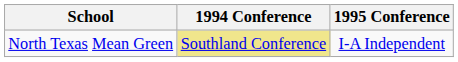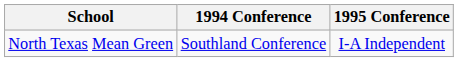 <table class="wikitable sortable">
 <tr>
 <th>School</th>
 <th>1994 Conference</th>
 <th>1995 Conference</th>
 </tr>
 <tr style="text-align:center;">
 <td><a href='#'>North Texas</a> <a href='#'>Mean Green</a></td>
-<td style="background: khaki;"><a href='#'>Southland Conference</a></td>
+<td><a href='#'>Southland Conference</a></td>
 <td><a href='#'>I-A Independent</a></td>
 </tr>
 </table>
